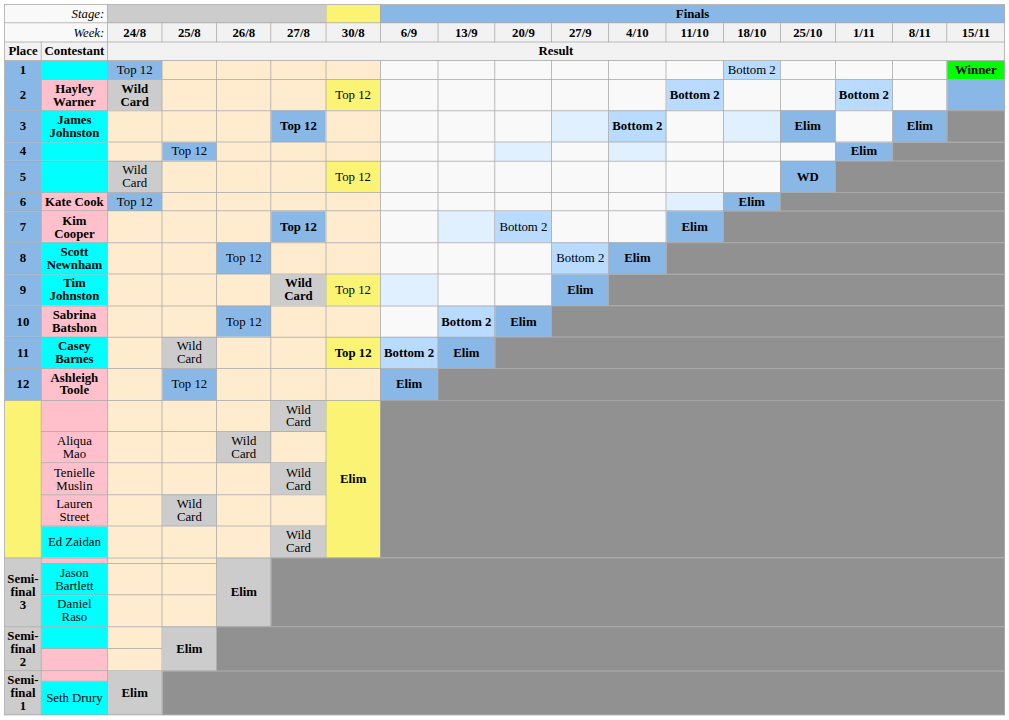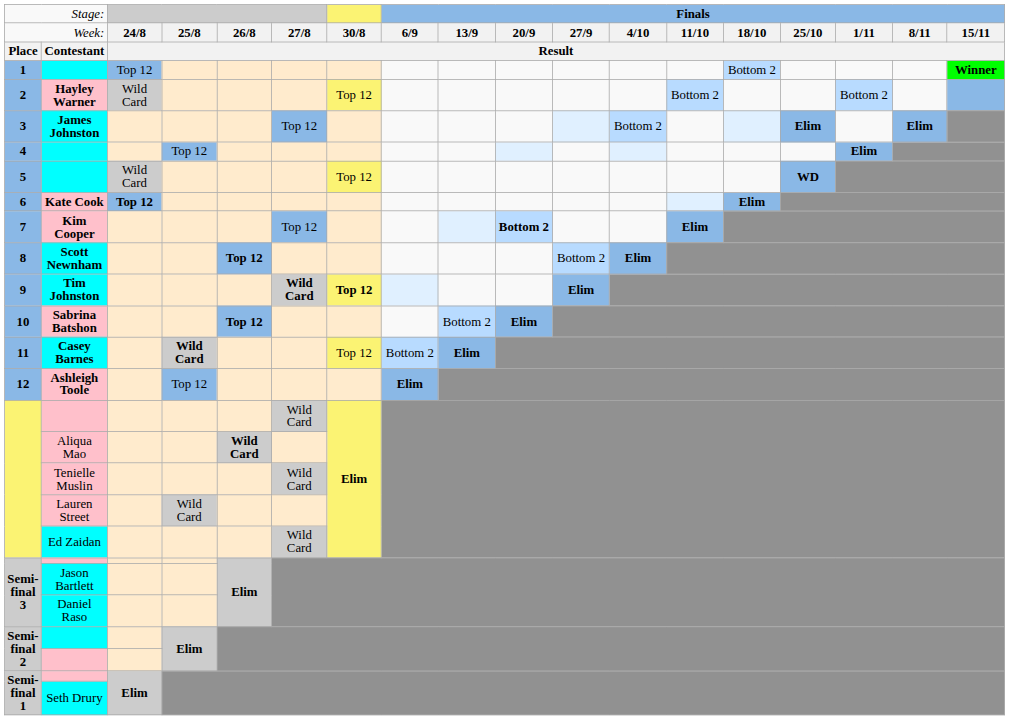 <table class="wikitable plainrowheaders" style="text-align:center; line-height:16px; width:99%;">
 <tr>
 <td colspan="2" style="text-align:right;"><em>Stage:</em></td>
 <td colspan="4"  width=6% style="background:#ccc;"></td>
 <td width=6% style="background:#fbf373;"></td>
 <td colspan="12" style="background:#8ab8e6;"><strong>Finals</strong></td>
 </tr>
 <tr>
 <td colspan="2" style="text-align:right;"><em>Week:</em></td>
 <th width=6%>24/8</th>
 <th width=6%>25/8</th>
 <th width=6%>26/8</th>
 <th width=6%>27/8</th>
 <th width=6%>30/8</th>
 <th width=6%>6/9</th>
 <th width=6%>13/9</th>
 <th width=6%>20/9</th>
 <th width=6%>27/9</th>
 <th width=6%>4/10</th>
 <th width=6%>11/10</th>
 <th width=6%>18/10</th>
 <th width=6%>25/10</th>
 <th width=6%>1/11</th>
 <th width=6%>8/11</th>
 <th width=6%>15/11</th>
 </tr>
 <tr>
 <th>Place</th>
 <th>Contestant</th>
 <th colspan="16">Result</th>
 </tr>
 <tr>
 <td style="background:#8ab8e6;"><strong>1</strong></td>
 <td style="background:cyan;"><strong></strong></td>
 <td style="background:#8ab8e6;">Top 12</td>
 <td style="background:#FFEBCD;"></td>
 <td style="background:#FFEBCD;"></td>
 <td style="background:#FFEBCD;"></td>
 <td style="background:#FFEBCD;"></td>
 <td></td>
 <td></td>
 <td></td>
 <td></td>
 <td></td>
 <td></td>
 <td style="background:#b8dbff;">Bottom 2</td>
 <td></td>
 <td></td>
 <td></td>
 <td style="background:lime;"><strong>Winner</strong></td>
 </tr>
 <tr>
 <td style="background:#8ab8e6;"><strong>2</strong></td>
 <td style="background:pink;"><strong>Hayley Warner</strong></td>
-<td style="background:#ccc"><strong>Wild Card</strong></td>
+<td style="background:#ccc">Wild Card</td>
 <td style="background:#FFEBCD;"></td>
 <td style="background:#FFEBCD;"></td>
 <td style="background:#FFEBCD;"></td>
 <td style="background:#fbf373">Top 12</td>
 <td></td>
 <td></td>
 <td></td>
 <td></td>
 <td></td>
-<td style="background:#b8dbff;"><strong>Bottom 2</strong></td>
+<td style="background:#b8dbff;">Bottom 2</td>
 <td></td>
 <td></td>
-<td style="background:#b8dbff;"><strong>Bottom 2</strong></td>
+<td style="background:#b8dbff;">Bottom 2</td>
 <td></td>
 <td style="background:#8ab8e6;"></td>
 </tr>
 <tr>
 <td style="background:#8ab8e6;"><strong>3</strong></td>
 <td style="background:cyan;"><strong>James Johnston</strong></td>
 <td style="background:#FFEBCD;"></td>
 <td style="background:#FFEBCD;"></td>
 <td style="background:#FFEBCD;"></td>
-<td style="background:#8ab8e6;"><strong>Top 12</strong></td>
+<td style="background:#8ab8e6;">Top 12</td>
 <td style="background:#FFEBCD;"></td>
 <td></td>
 <td></td>
 <td></td>
 <td style="background:#e0f0ff;"></td>
-<td style="background:#b8dbff;"><strong>Bottom 2</strong></td>
+<td style="background:#b8dbff;">Bottom 2</td>
 <td></td>
 <td style="background:#e0f0ff;"></td>
 <td style="background:#8ab8e6;"><strong>Elim</strong></td>
 <td></td>
 <td style="background:#8ab8e6;"><strong>Elim</strong></td>
 <td style="background:#919191;" colspan="10"></td>
 </tr>
 <tr>
 <td style="background:#8ab8e6;"><strong>4</strong></td>
 <td style="background:cyan;"></td>
 <td style="background:#FFEBCD;"></td>
 <td style="background:#8ab8e6;">Top 12</td>
 <td style="background:#FFEBCD;"></td>
 <td style="background:#FFEBCD;"></td>
 <td style="background:#FFEBCD;"></td>
 <td></td>
 <td></td>
 <td style="background:#e0f0ff;"></td>
 <td></td>
 <td style="background:#e0f0ff;"></td>
 <td></td>
 <td></td>
 <td></td>
 <td style="background:#8ab8e6;"><strong>Elim</strong></td>
 <td style="background:#919191;" colspan="10"></td>
 </tr>
 <tr>
 <td style="background:#8ab8e6;"><strong>5</strong></td>
 <td style="background:cyan;"></td>
 <td style="background:#ccc">Wild Card</td>
 <td style="background:#FFEBCD;"></td>
 <td style="background:#FFEBCD;"></td>
 <td style="background:#FFEBCD;"></td>
 <td style="background:#fbf373">Top 12</td>
 <td></td>
 <td></td>
 <td></td>
 <td></td>
 <td></td>
 <td></td>
 <td></td>
 <td style="background:#8ab8e6;"><strong>WD</strong></td>
 <td style="background:#919191;" colspan="10"></td>
 </tr>
 <tr>
 <td style="background:#8ab8e6;"><strong>6</strong></td>
 <td style="background:pink;"><strong>Kate Cook</strong></td>
-<td style="background:#8ab8e6;">Top 12</td>
+<td style="background:#8ab8e6;"><strong>Top 12</strong></td>
 <td style="background:#FFEBCD;"></td>
 <td style="background:#FFEBCD;"></td>
 <td style="background:#FFEBCD;"></td>
 <td style="background:#FFEBCD;"></td>
 <td></td>
 <td></td>
 <td></td>
 <td></td>
 <td></td>
 <td style="background:#e0f0ff;"></td>
 <td style="background:#8ab8e6;"><strong>Elim</strong></td>
 <td style="background:#919191;" colspan="10"></td>
 </tr>
 <tr>
 <td style="background:#8ab8e6;"><strong>7</strong></td>
 <td style="background:pink;"><strong>Kim Cooper</strong></td>
 <td style="background:#FFEBCD;"></td>
 <td style="background:#FFEBCD;"></td>
 <td style="background:#FFEBCD;"></td>
-<td style="background:#8ab8e6"><strong>Top 12</strong></td>
+<td style="background:#8ab8e6">Top 12</td>
 <td style="background:#FFEBCD;"></td>
 <td></td>
 <td style="background:#e0f0ff;"></td>
-<td style="background:#b8dbff;">Bottom 2</td>
+<td style="background:#b8dbff;"><strong>Bottom 2</strong></td>
 <td></td>
 <td></td>
 <td style="background:#8ab8e6;"><strong>Elim</strong></td>
 <td style="background:#919191;" colspan="10"></td>
 </tr>
 <tr>
 <td style="background:#8ab8e6;"><strong>8</strong></td>
 <td style="background:cyan;"><strong>Scott Newnham</strong></td>
 <td style="background:#FFEBCD;"></td>
 <td style="background:#FFEBCD;"></td>
-<td style="background:#8ab8e6;">Top 12</td>
+<td style="background:#8ab8e6;"><strong>Top 12</strong></td>
 <td style="background:#FFEBCD;"></td>
 <td style="background:#FFEBCD;"></td>
 <td></td>
 <td></td>
 <td></td>
 <td style="background:#b8dbff;">Bottom 2</td>
 <td style="background:#8ab8e6;"><strong>Elim</strong></td>
 <td style="background:#919191;" colspan="10"></td>
 </tr>
 <tr>
 <td style="background:#8ab8e6;"><strong>9</strong></td>
 <td style="background:cyan;"><strong>Tim Johnston</strong></td>
 <td style="background:#FFEBCD;"></td>
 <td style="background:#FFEBCD;"></td>
 <td style="background:#FFEBCD;"></td>
 <td style="background:#ccc"><strong>Wild Card</strong></td>
-<td style="background:#fbf373">Top 12</td>
+<td style="background:#fbf373"><strong>Top 12</strong></td>
 <td style="background:#e0f0ff;"></td>
 <td></td>
 <td></td>
 <td style="background:#8ab8e6;"><strong>Elim</strong></td>
 <td style="background:#919191;" colspan="10"></td>
 </tr>
 <tr>
 <td style="background:#8ab8e6;"><strong>10</strong></td>
 <td style="background:pink;"><strong>Sabrina Batshon</strong></td>
 <td style="background:#FFEBCD;"></td>
 <td style="background:#FFEBCD;"></td>
-<td style="background:#8ab8e6">Top 12</td>
+<td style="background:#8ab8e6"><strong>Top 12</strong></td>
 <td style="background:#FFEBCD;"></td>
 <td style="background:#FFEBCD;"></td>
 <td></td>
-<td style="background:#b8dbff;"><strong>Bottom 2</strong></td>
+<td style="background:#b8dbff;">Bottom 2</td>
 <td style="background:#8ab8e6;"><strong>Elim</strong></td>
 <td style="background:#919191;" colspan="10"></td>
 </tr>
 <tr>
 <td style="background:#8ab8e6;"><strong>11</strong></td>
 <td style="background:cyan;"><strong>Casey Barnes</strong></td>
 <td style="background:#FFEBCD;"></td>
-<td style="background:#ccc">Wild Card</td>
+<td style="background:#ccc"><strong>Wild Card</strong></td>
 <td style="background:#FFEBCD;"></td>
 <td style="background:#FFEBCD;"></td>
-<td style="background:#fbf373"><strong>Top 12</strong></td>
-<td style="background:#b8dbff;"><strong>Bottom 2</strong></td>
+<td style="background:#fbf373">Top 12</td>
+<td style="background:#b8dbff;">Bottom 2</td>
 <td style="background:#8ab8e6;"><strong>Elim</strong></td>
 <td style="background:#919191;" colspan="10"></td>
 </tr>
 <tr>
 <td style="background:#8ab8e6;"><strong>12</strong></td>
 <td style="background:pink;"><strong>Ashleigh Toole</strong></td>
 <td style="background:#FFEBCD;"></td>
 <td style="background:#8ab8e6">Top 12</td>
 <td style="background:#FFEBCD;"></td>
 <td style="background:#FFEBCD;"></td>
 <td style="background:#FFEBCD;"></td>
 <td style="background:#8ab8e6;"><strong>Elim</strong></td>
 <td style="background:#919191;" colspan="10"></td>
 </tr>
 <tr>
 <td style="background:#fbf373;" rowspan="5"></td>
 <td style="background:pink;"></td>
 <td style="background:#FFEBCD;"></td>
 <td style="background:#FFEBCD;"></td>
 <td style="background:#FFEBCD;"></td>
 <td style="background:#ccc">Wild Card</td>
 <td style="background:#fbf373;" rowspan="5"><strong>Elim</strong></td>
 <td style="background:#919191;" colspan="12" rowspan="5"></td>
 </tr>
 <tr>
 <td style="background:pink;">Aliqua Mao</td>
 <td style="background:#FFEBCD;"></td>
 <td style="background:#FFEBCD;"></td>
-<td style="background:#ccc">Wild Card</td>
+<td style="background:#ccc"><strong>Wild Card</strong></td>
 <td style="background:#FFEBCD;"></td>
 </tr>
 <tr>
 <td style="background:pink;">Tenielle Muslin</td>
 <td style="background:#FFEBCD;"></td>
 <td style="background:#FFEBCD;"></td>
 <td style="background:#FFEBCD;"></td>
 <td style="background:#ccc">Wild Card</td>
 </tr>
 <tr>
 <td style="background:pink;">Lauren Street</td>
 <td style="background:#FFEBCD;"></td>
 <td style="background:#ccc">Wild Card</td>
 <td style="background:#FFEBCD;"></td>
 <td style="background:#FFEBCD;"></td>
 </tr>
 <tr>
 <td style="background:cyan;">Ed Zaidan</td>
 <td style="background:#FFEBCD;"></td>
 <td style="background:#FFEBCD;"></td>
 <td style="background:#FFEBCD;"></td>
 <td style="background:#ccc">Wild Card</td>
 </tr>
 <tr>
 <td style="background:#ccc;" rowspan="3"><strong>Semi-final 3</strong></td>
 <td style="background:pink;"></td>
 <td style="background:#FFEBCD;"></td>
 <td style="background:#FFEBCD;"></td>
 <td style="background:#ccc;" rowspan="3"><strong>Elim</strong></td>
 <td style="background:#919191;" colspan="15" rowspan="3"></td>
 </tr>
 <tr>
 <td style="background:cyan;">Jason Bartlett</td>
 <td style="background:#FFEBCD;"></td>
 <td style="background:#FFEBCD;"></td>
 </tr>
 <tr>
 <td style="background:cyan;">Daniel Raso</td>
 <td style="background:#FFEBCD;"></td>
 <td style="background:#FFEBCD;"></td>
 </tr>
 <tr>
 <td style="background:#ccc;" rowspan="2"><strong>Semi-final 2</strong></td>
 <td style="background:cyan;"></td>
 <td style="background:#FFEBCD;"></td>
 <td style="background:#ccc;" rowspan="2"><strong>Elim</strong></td>
 <td style="background:#919191;" colspan="15" rowspan="2"></td>
 </tr>
 <tr>
 <td style="background:pink;"></td>
 <td style="background:#FFEBCD;"></td>
 </tr>
 <tr>
 <td style="background:#ccc;" rowspan="2"><strong>Semi-final 1</strong></td>
 <td style="background:pink;"></td>
 <td style="background:#ccc;" rowspan="2"><strong>Elim</strong></td>
 <td style="background:#919191;" colspan="15" rowspan="2"></td>
 </tr>
 <tr>
 <td style="background:cyan;">Seth Drury</td>
 </tr>
 </table>
